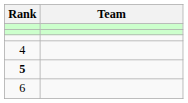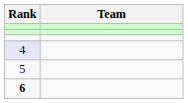 <table class="wikitable" style="text-align: center;">
 <tr>
 <th width=40>Rank</th>
 <th width=180>Team</th>
 </tr>
 <tr bgcolor=#CCFFCC>
 <td></td>
 <td style="text-align:left;"></td>
 </tr>
 <tr bgcolor=#CCFFCC>
 <td></td>
 <td style="text-align:left;"></td>
 </tr>
 <tr>
 <td></td>
 <td style="text-align:left;"></td>
 </tr>
 <tr>
-<td>4</td>
+<td style="background: lavender;">4</td>
 <td style="text-align:left;"></td>
 </tr>
 <tr>
-<td><strong>5</strong></td>
+<td>5</td>
 <td style="text-align:left;"></td>
 </tr>
 <tr>
-<td>6</td>
+<td><strong>6</strong></td>
 <td style="text-align:left;"></td>
 </tr>
 </table>
